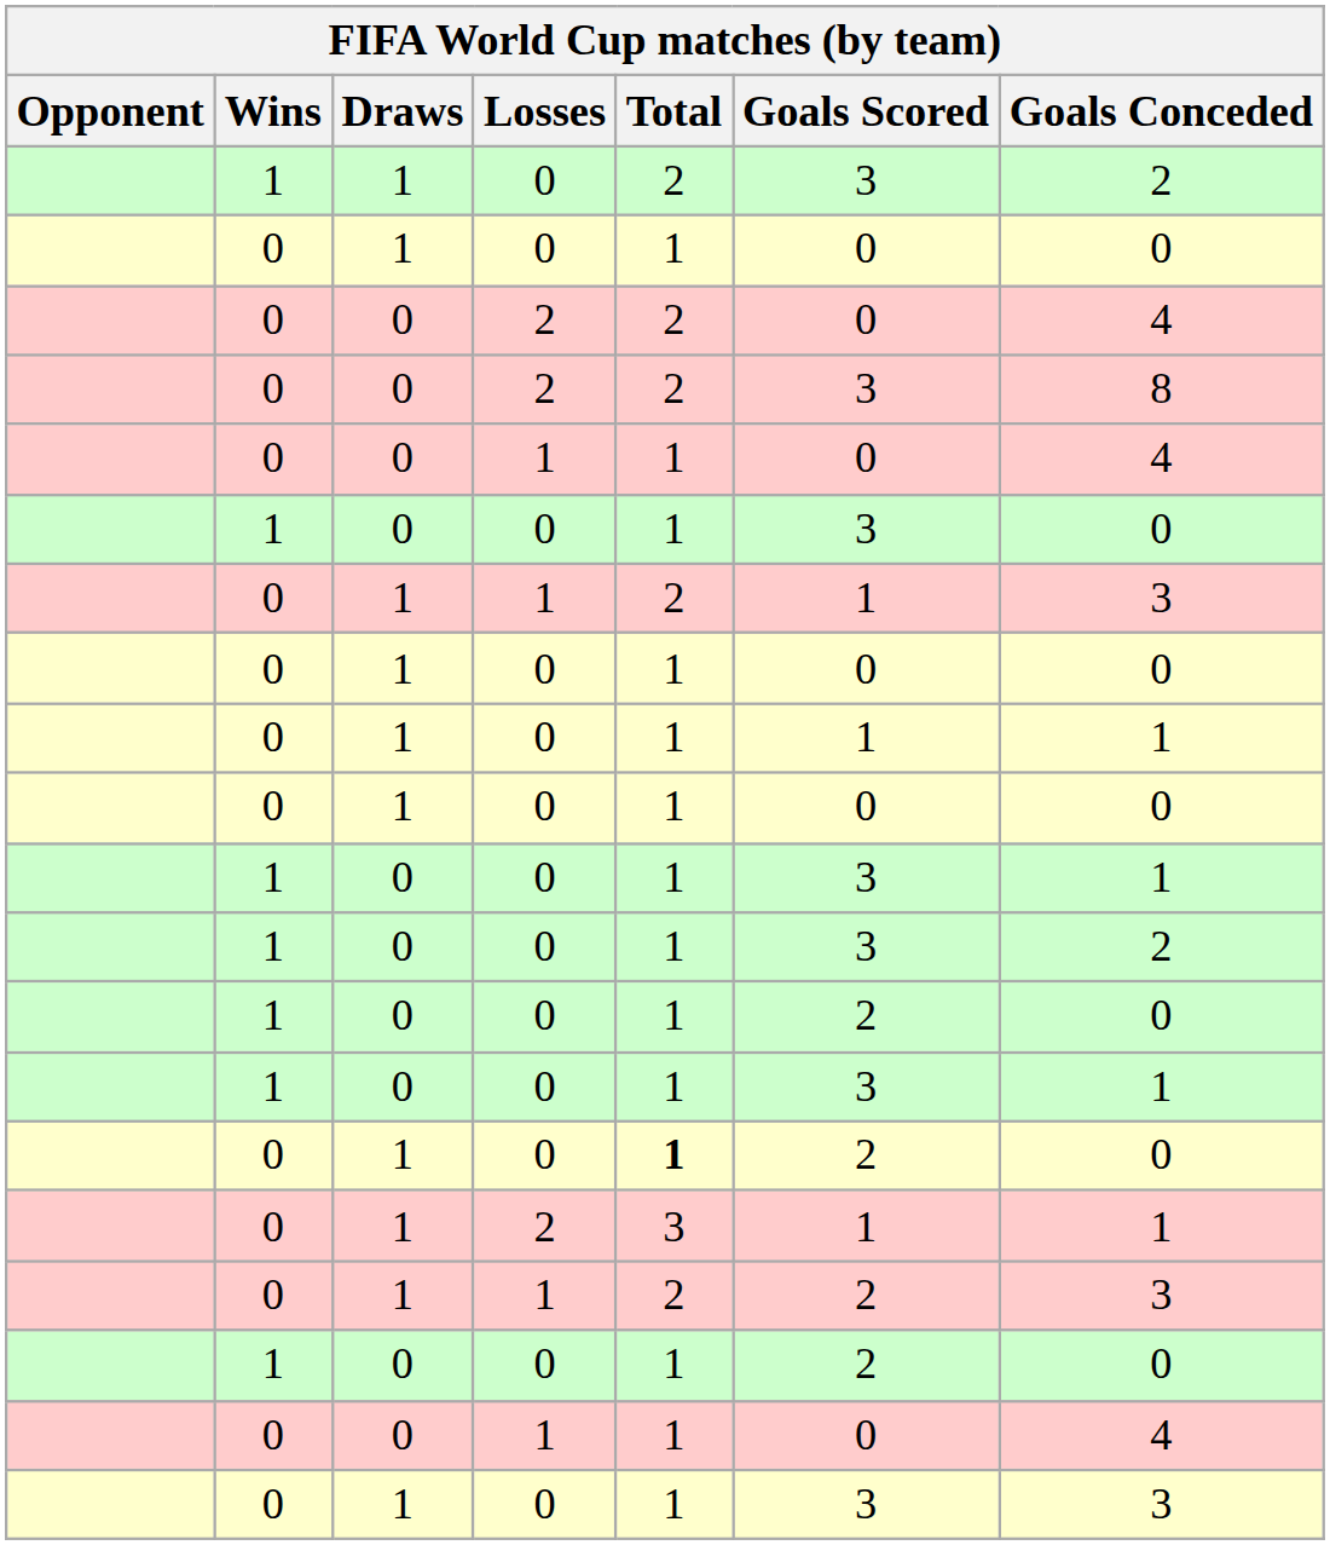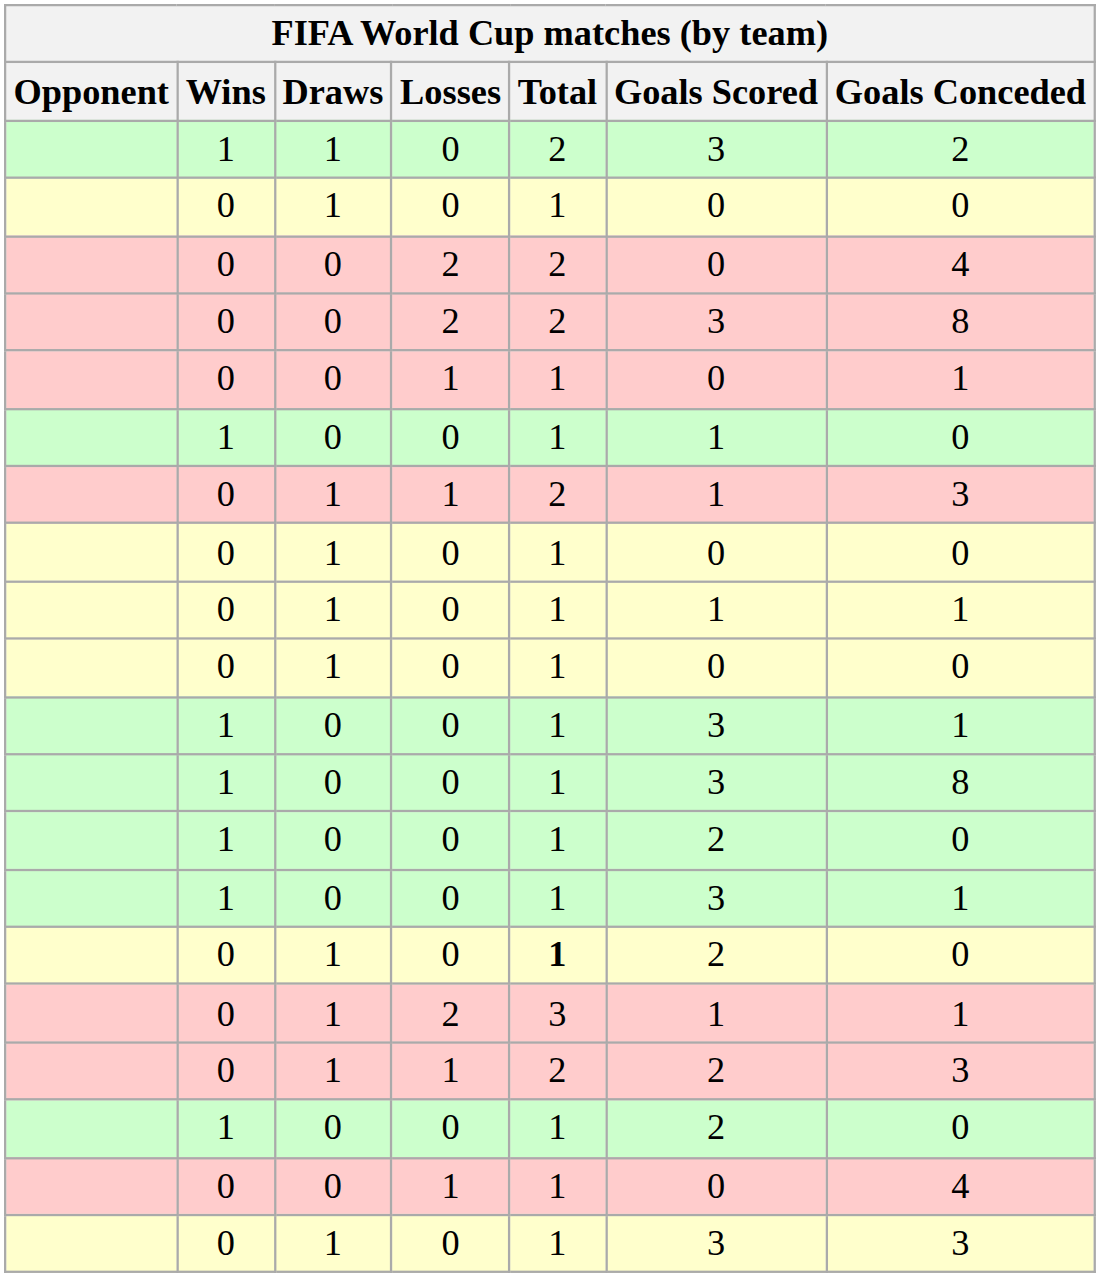 <table class="wikitable sortable" style="text-align: center;">
 <tr>
 <th colspan=7>FIFA World Cup matches (by team)</th>
 </tr>
 <tr>
 <th>Opponent</th>
 <th>Wins</th>
 <th>Draws</th>
 <th>Losses</th>
 <th>Total</th>
 <th>Goals Scored</th>
 <th>Goals Conceded</th>
 </tr>
 <tr bgcolor=#CCFFCC>
 <td align="left"></td>
 <td>1</td>
 <td>1</td>
 <td>0</td>
 <td>2</td>
 <td>3</td>
 <td>2</td>
 </tr>
 <tr bgcolor=#FFFFCC>
 <td align="left"></td>
 <td>0</td>
 <td>1</td>
 <td>0</td>
 <td>1</td>
 <td>0</td>
 <td>0</td>
 </tr>
 <tr bgcolor=#FFCCCC>
 <td align="left"></td>
 <td>0</td>
 <td>0</td>
 <td>2</td>
 <td>2</td>
 <td>0</td>
 <td>4</td>
 </tr>
 <tr bgcolor=#FFCCCC>
 <td align="left"></td>
 <td>0</td>
 <td>0</td>
 <td>2</td>
 <td>2</td>
 <td>3</td>
 <td>8</td>
 </tr>
 <tr bgcolor=#FFCCCC>
 <td align="left"></td>
 <td>0</td>
 <td>0</td>
 <td>1</td>
 <td>1</td>
 <td>0</td>
-<td>4</td>
+<td>1</td>
 </tr>
 <tr bgcolor=#CCFFCC>
 <td align="left"></td>
 <td>1</td>
 <td>0</td>
 <td>0</td>
 <td>1</td>
-<td>3</td>
+<td>1</td>
 <td>0</td>
 </tr>
 <tr bgcolor=#FFCCCC>
 <td align="left"></td>
 <td>0</td>
 <td>1</td>
 <td>1</td>
 <td>2</td>
 <td>1</td>
 <td>3</td>
 </tr>
 <tr bgcolor=#FFFFCC>
 <td align="left"></td>
 <td>0</td>
 <td>1</td>
 <td>0</td>
 <td>1</td>
 <td>0</td>
 <td>0</td>
 </tr>
 <tr bgcolor=#FFFFCC>
 <td align="left"></td>
 <td>0</td>
 <td>1</td>
 <td>0</td>
 <td>1</td>
 <td>1</td>
 <td>1</td>
 </tr>
 <tr bgcolor=#FFFFCC>
 <td align="left"></td>
 <td>0</td>
 <td>1</td>
 <td>0</td>
 <td>1</td>
 <td>0</td>
 <td>0</td>
 </tr>
 <tr bgcolor=#CCFFCC>
 <td align="left"></td>
 <td>1</td>
 <td>0</td>
 <td>0</td>
 <td>1</td>
 <td>3</td>
 <td>1</td>
 </tr>
 <tr bgcolor=#CCFFCC>
 <td align="left"></td>
 <td>1</td>
 <td>0</td>
 <td>0</td>
 <td>1</td>
 <td>3</td>
-<td>2</td>
+<td>8</td>
 </tr>
 <tr bgcolor=#CCFFCC>
 <td align="left"></td>
 <td>1</td>
 <td>0</td>
 <td>0</td>
 <td>1</td>
 <td>2</td>
 <td>0</td>
 </tr>
 <tr bgcolor=#CCFFCC>
 <td align="left"></td>
 <td>1</td>
 <td>0</td>
 <td>0</td>
 <td>1</td>
 <td>3</td>
 <td>1</td>
 </tr>
 <tr bgcolor=#FFFFCC>
 <td align="left"></td>
 <td>0</td>
 <td>1</td>
 <td>0</td>
 <td><strong>1</strong></td>
 <td>2</td>
 <td>0</td>
 </tr>
 <tr bgcolor=#FFCCCC>
 <td align="left"></td>
 <td>0</td>
 <td>1</td>
 <td>2</td>
 <td>3</td>
 <td>1</td>
 <td>1</td>
 </tr>
 <tr bgcolor=#FFCCCC>
 <td align="left"></td>
 <td>0</td>
 <td>1</td>
 <td>1</td>
 <td>2</td>
 <td>2</td>
 <td>3</td>
 </tr>
 <tr bgcolor=#CCFFCC>
 <td align="left"></td>
 <td>1</td>
 <td>0</td>
 <td>0</td>
 <td>1</td>
 <td>2</td>
 <td>0</td>
 </tr>
 <tr bgcolor=#FFCCCC>
 <td align="left"></td>
 <td>0</td>
 <td>0</td>
 <td>1</td>
 <td>1</td>
 <td>0</td>
 <td>4</td>
 </tr>
 <tr bgcolor=#FFFFCC>
 <td align="left"></td>
 <td>0</td>
 <td>1</td>
 <td>0</td>
 <td>1</td>
 <td>3</td>
 <td>3</td>
 </tr>
 </table>
